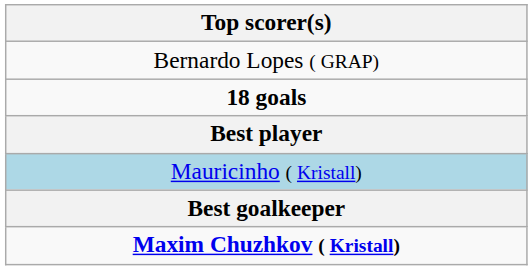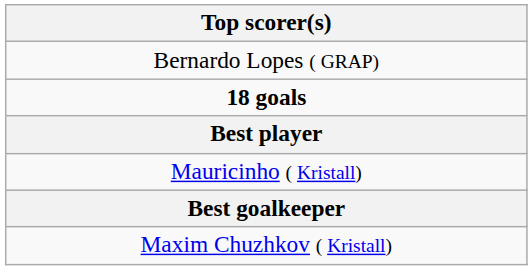 <table class="wikitable" style="margin: 1em auto 1em auto;">
 <tr>
 <th width=350 colspan=3>Top scorer(s)</th>
 </tr>
 <tr align=center style="background:">
 <td style="text-align:center;"> Bernardo Lopes <small>( GRAP)</small></td>
 </tr>
 <tr>
 <td style="text-align:center;"><strong>18 goals</strong></td>
 </tr>
 <tr>
 <th colspan=3>Best player</th>
 </tr>
 <tr>
-<td style="background: lightblue; text-align:center;"> <a href='#'>Mauricinho</a> <small>( <a href='#'>Kristall</a>)</small></td>
+<td style="text-align:center;"> <a href='#'>Mauricinho</a> <small>( <a href='#'>Kristall</a>)</small></td>
 </tr>
 <tr>
 <th colspan=3>Best goalkeeper</th>
 </tr>
 <tr>
-<td style="text-align:center;"><strong> <a href='#'>Maxim Chuzhkov</a> <small>( <a href='#'>Kristall</a>)</small></strong></td>
+<td style="text-align:center;"> <a href='#'>Maxim Chuzhkov</a> <small>( <a href='#'>Kristall</a>)</small></td>
 </tr>
 </table>
